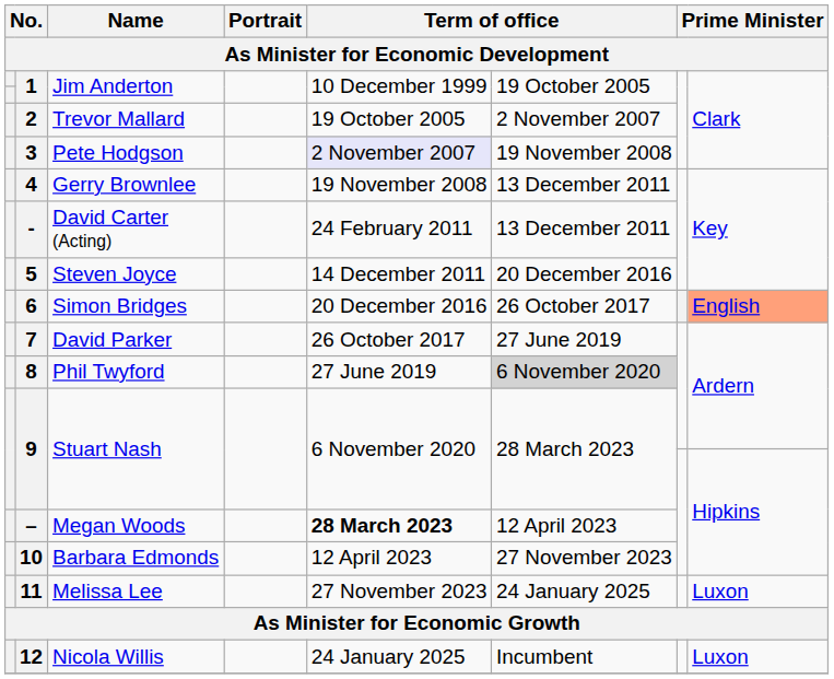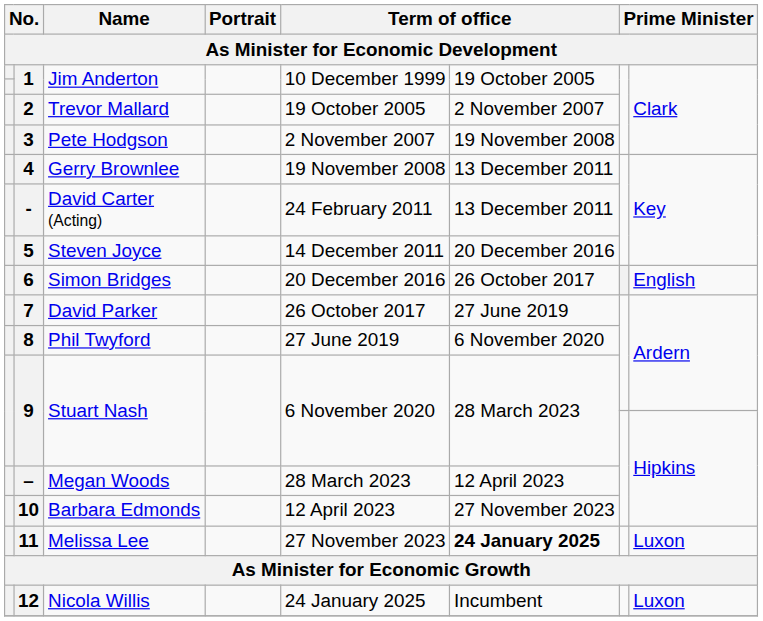 <table class="wikitable">
 <tr>
 <th colspan=2>No.</th>
 <th>Name</th>
 <th>Portrait</th>
 <th colspan=2>Term of office</th>
 <th colspan=2>Prime Minister</th>
 </tr>
 <tr>
 <th colspan="8">As Minister for Economic Development</th>
 </tr>
 <tr>
 <th style="color:inherit;background:"></th>
 <th rowspan=2>1</th>
 <td rowspan=2><a href='#'>Jim Anderton</a></td>
 <td rowspan=2></td>
 <td rowspan=2>10 December 1999</td>
 <td rowspan=2>19 October 2005</td>
 <td rowspan=4 width=1 style="color:inherit;background:"></td>
 <td rowspan=4><a href='#'>Clark</a></td>
 </tr>
 <tr>
 <th style="color:inherit;background:"></th>
 </tr>
 <tr>
 <th style="color:inherit;background:"></th>
 <th>2</th>
 <td><a href='#'>Trevor Mallard</a></td>
 <td></td>
 <td>19 October 2005</td>
 <td>2 November 2007</td>
 </tr>
 <tr>
 <th style="color:inherit;background:"></th>
 <th>3</th>
 <td><a href='#'>Pete Hodgson</a></td>
 <td></td>
-<td style="background: lavender;">2 November 2007</td>
+<td>2 November 2007</td>
 <td>19 November 2008</td>
 </tr>
 <tr>
 <th style="color:inherit;background:"></th>
 <th>4</th>
 <td><a href='#'>Gerry Brownlee</a></td>
 <td></td>
 <td>19 November 2008</td>
 <td>13 December 2011</td>
 <td rowspan=3 style="color:inherit;background:"></td>
 <td rowspan=3><a href='#'>Key</a></td>
 </tr>
 <tr>
 <th style="color:inherit;background:"></th>
 <th>-</th>
 <td><a href='#'>David Carter</a><br><small>(Acting)</small></td>
 <td></td>
 <td>24 February 2011</td>
 <td>13 December 2011</td>
 </tr>
 <tr>
 <th style="color:inherit;background:"></th>
 <th>5</th>
 <td><a href='#'>Steven Joyce</a></td>
 <td></td>
 <td>14 December 2011</td>
 <td>20 December 2016</td>
 </tr>
 <tr>
 <th style="color:inherit;background:"></th>
 <th>6</th>
 <td><a href='#'>Simon Bridges</a></td>
 <td></td>
 <td>20 December 2016</td>
 <td>26 October 2017</td>
 <th style="color:inherit;background:"></th>
-<td style="background: lightsalmon;"><a href='#'>English</a></td>
+<td><a href='#'>English</a></td>
 </tr>
 <tr>
 <th style="color:inherit;background:"></th>
 <th>7</th>
 <td><a href='#'>David Parker</a></td>
 <td></td>
 <td>26 October 2017</td>
 <td>27 June 2019</td>
 <td rowspan=3 style="color:inherit;background:"></td>
 <td rowspan=3><a href='#'>Ardern</a></td>
 </tr>
 <tr>
 <th style="color:inherit;background:"></th>
 <th>8</th>
 <td><a href='#'>Phil Twyford</a></td>
 <td></td>
 <td>27 June 2019</td>
-<td style="background: lightgrey;">6 November 2020</td>
+<td>6 November 2020</td>
 </tr>
 <tr>
 <th height=40 style="border-bottom:solid 0 grey; background:"></th>
 <th rowspan=2>9</th>
 <td rowspan=2><a href='#'>Stuart Nash</a></td>
 <td rowspan=2></td>
 <td rowspan=2>6 November 2020</td>
 <td rowspan=2>28 March 2023</td>
 </tr>
 <tr>
 <th height=40 style="border-top:solid 0 grey; background:"></th>
 <td rowspan=3 style="color:inherit;background:"></td>
 <td rowspan="3"><a href='#'>Hipkins</a></td>
 </tr>
 <tr>
 <th style="color:inherit;background:"></th>
 <th>–</th>
 <td><a href='#'>Megan Woods</a></td>
 <td></td>
-<td><strong>28 March 2023</strong></td>
+<td>28 March 2023</td>
 <td>12 April 2023</td>
 </tr>
 <tr>
 <th style="color:inherit;background:"></th>
 <th>10</th>
 <td><a href='#'>Barbara Edmonds</a></td>
 <td></td>
 <td>12 April 2023</td>
 <td>27 November 2023</td>
 </tr>
 <tr>
 <th style="color:inherit;background:"></th>
 <th>11</th>
 <td><a href='#'>Melissa Lee</a></td>
 <td></td>
 <td>27 November 2023</td>
-<td>24 January 2025</td>
+<td><strong>24 January 2025</strong></td>
 <td style="color:inherit;background:"></td>
 <td><a href='#'>Luxon</a></td>
 </tr>
 <tr>
 <th colspan="8">As Minister for Economic Growth</th>
 </tr>
 <tr>
 <th style="color:inherit;background:"></th>
 <th>12</th>
 <td><a href='#'>Nicola Willis</a></td>
 <td></td>
 <td>24 January 2025</td>
 <td>Incumbent</td>
 <td style="color:inherit;background:"></td>
 <td><a href='#'>Luxon</a></td>
 </tr>
 <tr>
 </tr>
 </table>
